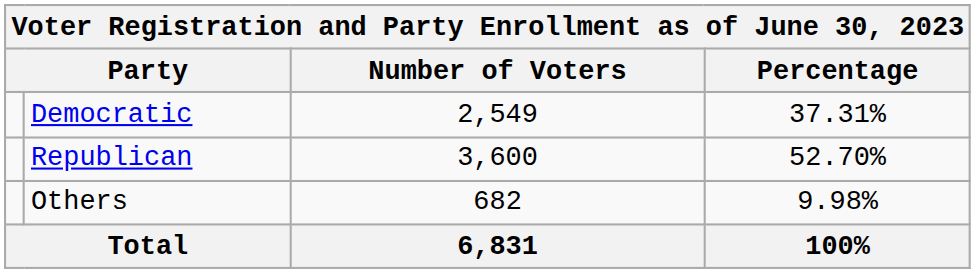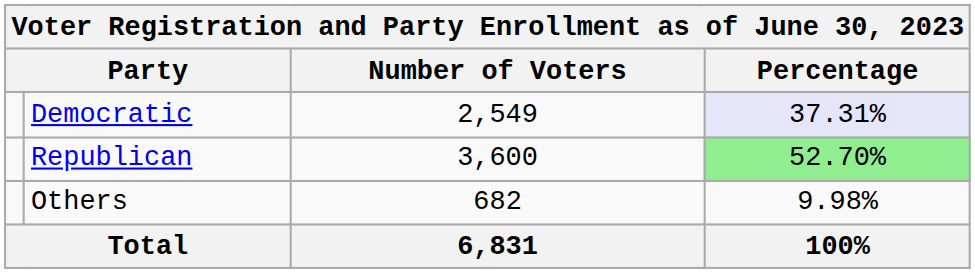 <table class=wikitable>
 <tr>
 <th colspan = 6>Voter Registration and Party Enrollment as of June 30, 2023</th>
 </tr>
 <tr>
 <th colspan = 2>Party</th>
 <th>Number of Voters</th>
 <th>Percentage</th>
 </tr>
 <tr>
 <td></td>
 <td><a href='#'>Democratic</a></td>
 <td align = center>2,549</td>
-<td align = center>37.31%</td>
+<td align = center style="background: lavender;">37.31%</td>
 </tr>
 <tr>
 <td></td>
 <td><a href='#'>Republican</a></td>
 <td align = center>3,600</td>
-<td align = center>52.70%</td>
+<td align = center style="background: lightgreen;">52.70%</td>
 </tr>
 <tr>
 <td></td>
 <td>Others</td>
 <td align = center>682</td>
 <td align = center>9.98%</td>
 </tr>
 <tr>
 <th colspan = 2>Total</th>
 <th align = center>6,831</th>
 <th align = center>100%</th>
 </tr>
 </table>
